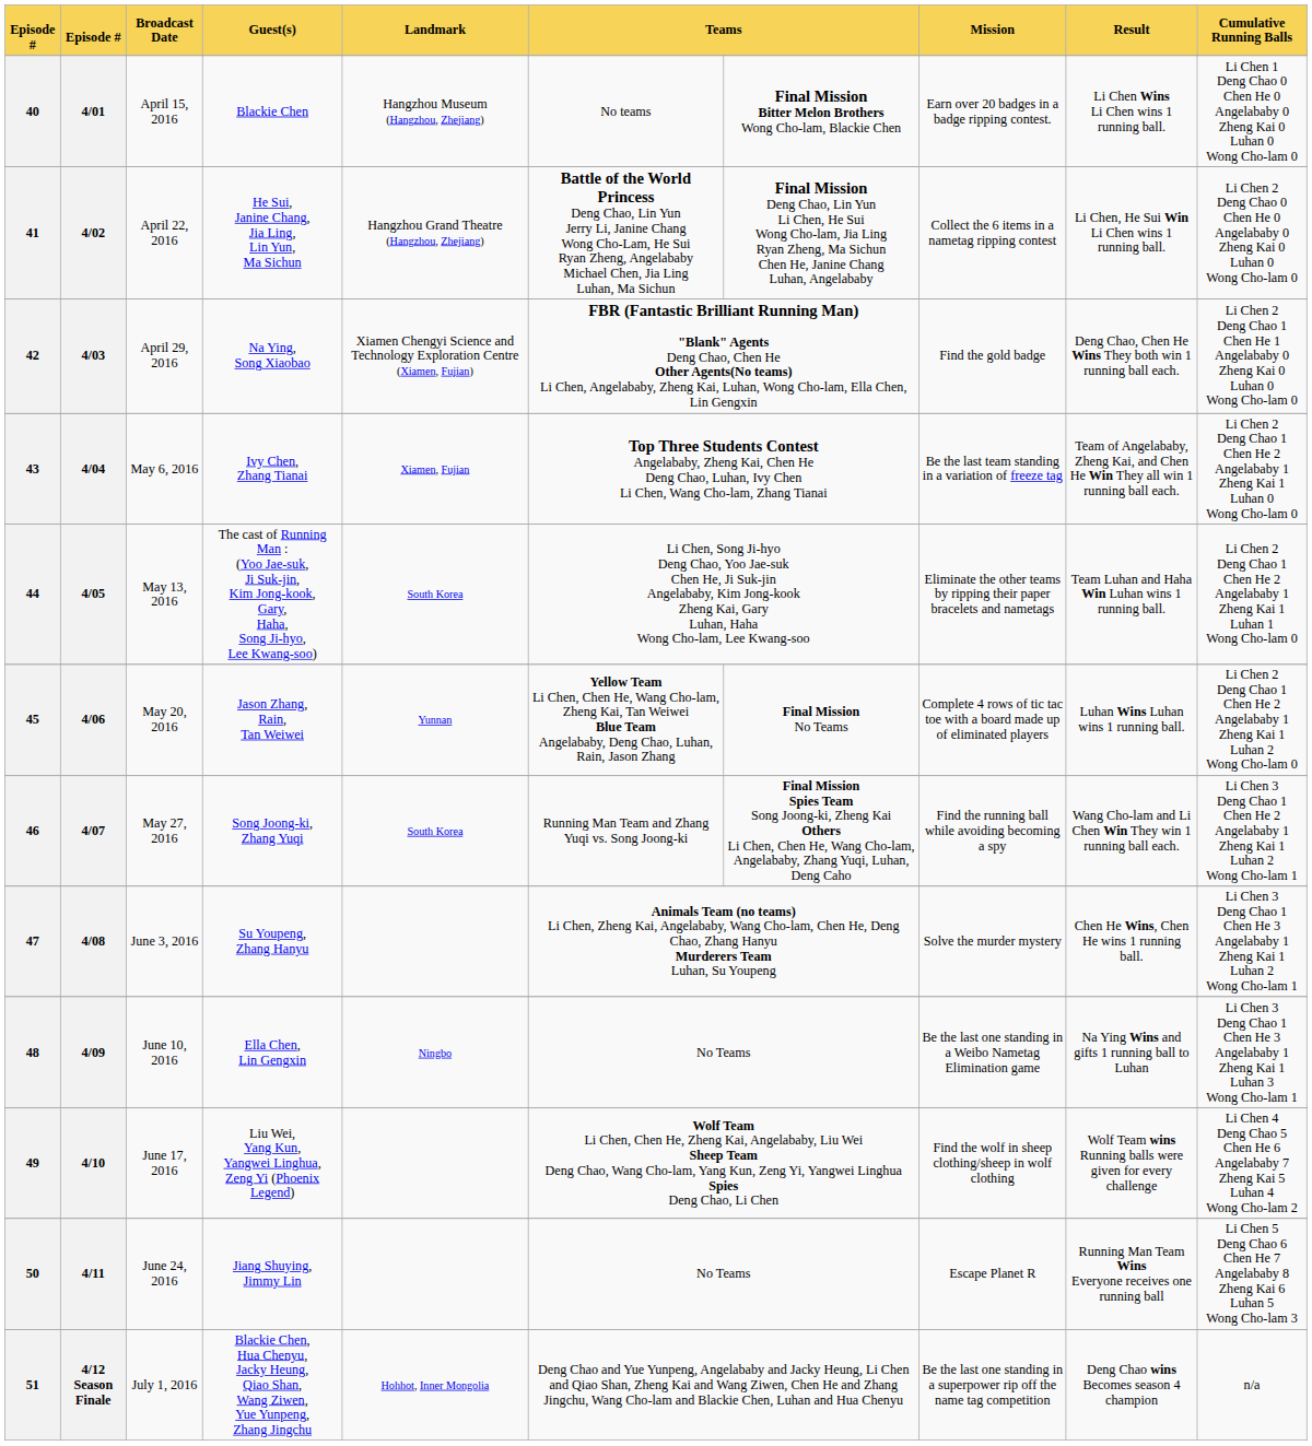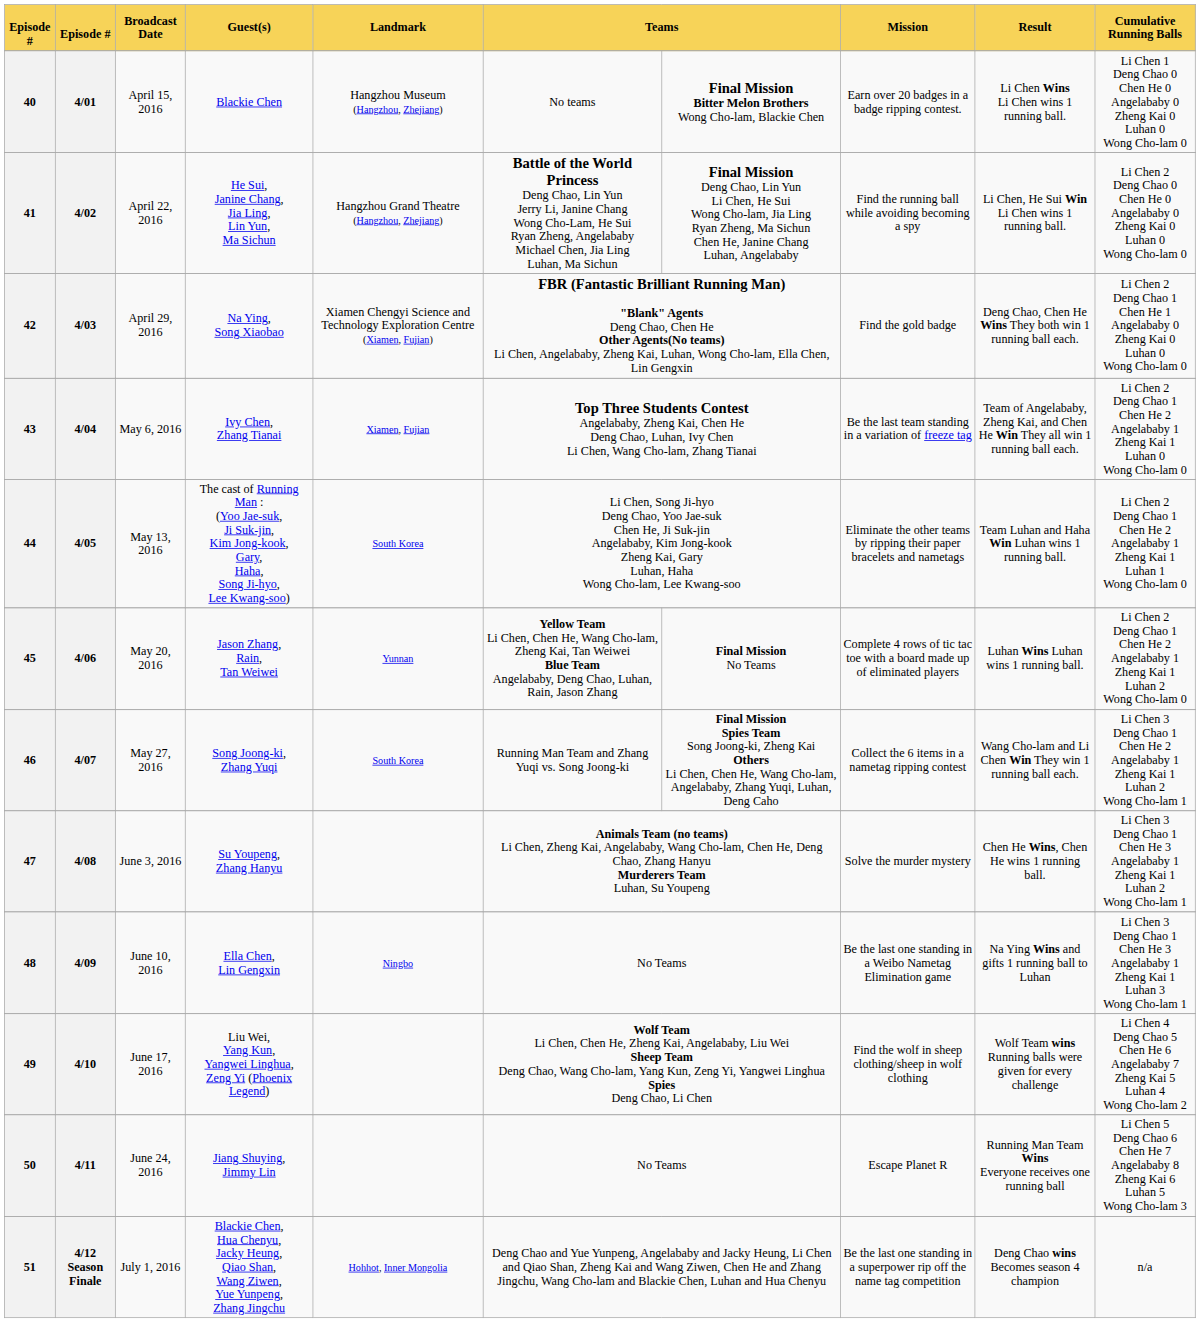 <table class="wikitable">
 <tr>
 <th style="background:#F7D358"><br>Episode #</th>
 <th style="background:#F7D358"><br>Episode #</th>
 <th style="background:#F7D358">Broadcast Date</th>
 <th style="background:#F7D358; width:160px">Guest(s)</th>
 <th style="background:#F7D358">Landmark</th>
 <th style="background:#F7D358" colspan="2">Teams</th>
 <th style="background:#F7D358; width:170px">Mission</th>
 <th style="background:#F7D358; width:150px">Result</th>
 <th style="background:#F7D358">Cumulative Running Balls</th>
 </tr>
 <tr>
 </tr>
 <tr style="text-align:center;">
 <th>40</th>
 <th>4/01</th>
 <td>April 15, 2016<br></td>
 <td><a href='#'>Blackie Chen</a></td>
 <td>Hangzhou Museum<br><small>(<a href='#'>Hangzhou</a>, <a href='#'>Zhejiang</a>)</small></td>
 <td width="15%">No teams</td>
 <td width="15%"><big><strong>Final Mission</strong></big><br><strong>Bitter Melon Brothers</strong><br>Wong Cho-lam, Blackie Chen</td>
 <td>Earn over 20 badges in a badge ripping contest.</td>
 <td>Li Chen <strong>Wins</strong><br>Li Chen wins 1 running ball.</td>
 <td>Li Chen 1<br>Deng Chao 0<br>Chen He 0<br>Angelababy 0<br>Zheng Kai 0<br>Luhan 0<br>Wong Cho-lam 0</td>
 </tr>
 <tr>
 </tr>
 <tr style="text-align:center;">
 <th>41</th>
 <th>4/02</th>
 <td>April 22, 2016<br></td>
 <td><a href='#'>He Sui</a>,<br><a href='#'>Janine Chang</a>,<br> <a href='#'>Jia Ling</a>,<br> <a href='#'>Lin Yun</a>,<br> <a href='#'>Ma Sichun</a></td>
 <td>Hangzhou Grand Theatre<br><small>(<a href='#'>Hangzhou</a>, <a href='#'>Zhejiang</a>)</small></td>
 <td width="15%"><big><strong>Battle of the World Princess</strong></big><br>Deng Chao, Lin Yun<br>Jerry Li, Janine Chang<br>Wong Cho-Lam, He Sui<br>Ryan Zheng, Angelababy<br>Michael Chen, Jia Ling<br>Luhan, Ma Sichun</td>
 <td width="15%"><big><strong>Final Mission</strong></big><br>Deng Chao, Lin Yun<br>Li Chen, He Sui<br>Wong Cho-lam, Jia Ling<br>Ryan Zheng, Ma Sichun<br>Chen He, Janine Chang<br>Luhan, Angelababy</td>
-<td>Collect the 6 items in a nametag ripping contest</td>
+<td>Find the running ball while avoiding becoming a spy</td>
 <td>Li Chen, He Sui <strong>Win</strong> Li Chen wins 1 running ball.</td>
 <td>Li Chen 2<br>Deng Chao 0<br>Chen He 0<br>Angelababy 0<br>Zheng Kai 0<br>Luhan 0<br>Wong Cho-lam 0</td>
 </tr>
 <tr>
 </tr>
 <tr style="text-align:center;">
 <th>42</th>
 <th>4/03</th>
 <td>April 29, 2016<br></td>
 <td><a href='#'>Na Ying</a>,<br> <a href='#'>Song Xiaobao</a></td>
 <td>Xiamen Chengyi Science and Technology Exploration Centre<br><small>(<a href='#'>Xiamen</a>, <a href='#'>Fujian</a>)</small></td>
 <td colspan="2"><big><strong>FBR (Fantastic Brilliant Running Man)</strong></big><br><br><strong>"Blank" Agents</strong><br> Deng Chao, Chen He<br> <strong>Other Agents(No teams)</strong><br> Li Chen, Angelababy, Zheng Kai, Luhan, Wong Cho-lam, Ella Chen, Lin Gengxin</td>
 <td>Find the gold badge</td>
 <td>Deng Chao, Chen He <strong>Wins</strong> They both win 1 running ball each.</td>
 <td>Li Chen 2<br>Deng Chao 1<br>Chen He 1<br>Angelababy 0<br>Zheng Kai 0<br>Luhan 0<br>Wong Cho-lam 0</td>
 </tr>
 <tr>
 </tr>
 <tr style="text-align:center;">
 <th>43</th>
 <th>4/04</th>
 <td>May 6, 2016<br></td>
 <td><a href='#'>Ivy Chen</a>,<br> <a href='#'>Zhang Tianai</a></td>
 <td><small><a href='#'>Xiamen</a>, <a href='#'>Fujian</a></small></td>
 <td colspan="2"><big><strong>Top Three Students Contest</strong></big><br>Angelababy, Zheng Kai, Chen He<br>Deng Chao, Luhan, Ivy Chen<br>Li Chen, Wang Cho-lam, Zhang Tianai</td>
 <td>Be the last team standing in a variation of <a href='#'>freeze tag</a></td>
 <td>Team of Angelababy, Zheng Kai, and Chen He <strong>Win</strong> They all win 1 running ball each.</td>
 <td>Li Chen 2<br>Deng Chao 1<br>Chen He 2<br>Angelababy 1<br>Zheng Kai 1<br>Luhan 0<br>Wong Cho-lam 0</td>
 </tr>
 <tr>
 </tr>
 <tr style="text-align:center;">
 <th>44</th>
 <th>4/05</th>
 <td>May 13, 2016<br></td>
 <td>The cast of <a href='#'>Running Man</a> :<br> (<a href='#'>Yoo Jae-suk</a>,<br><a href='#'>Ji Suk-jin</a>,<br><a href='#'>Kim Jong-kook</a>,<br><a href='#'>Gary</a>,<br><a href='#'>Haha</a>,<br><a href='#'>Song Ji-hyo</a>,<br><a href='#'>Lee Kwang-soo</a>)</td>
 <td><small><a href='#'>South Korea</a></small></td>
 <td colspan="2">Li Chen, Song Ji-hyo<br>Deng Chao, Yoo Jae-suk<br>Chen He, Ji Suk-jin<br>Angelababy, Kim Jong-kook<br>Zheng Kai, Gary<br>Luhan, Haha<br>Wong Cho-lam, Lee Kwang-soo</td>
 <td>Eliminate the other teams by ripping their paper bracelets and nametags</td>
 <td>Team Luhan and Haha <strong>Win</strong> Luhan wins 1 running ball.</td>
 <td>Li Chen 2<br>Deng Chao 1<br>Chen He 2<br>Angelababy 1<br>Zheng Kai 1<br>Luhan 1<br>Wong Cho-lam 0</td>
 </tr>
 <tr>
 </tr>
 <tr style="text-align:center;">
 <th>45</th>
 <th>4/06</th>
 <td>May 20, 2016<br></td>
 <td><a href='#'>Jason Zhang</a>,<br> <a href='#'>Rain</a>,<br> <a href='#'>Tan Weiwei</a></td>
 <td><small><a href='#'>Yunnan</a></small></td>
 <td><strong>Yellow Team</strong><br>Li Chen, Chen He, Wang Cho-lam, Zheng Kai, Tan Weiwei<br><strong>Blue Team</strong><br>Angelababy, Deng Chao, Luhan, Rain, Jason Zhang</td>
 <td><strong>Final Mission</strong><br>No Teams</td>
 <td>Complete 4 rows of tic tac toe with a board made up of eliminated players</td>
 <td>Luhan <strong>Wins</strong> Luhan wins 1 running ball.</td>
 <td>Li Chen 2<br>Deng Chao 1<br>Chen He 2<br>Angelababy 1<br>Zheng Kai 1<br>Luhan 2<br>Wong Cho-lam 0</td>
 </tr>
 <tr>
 </tr>
 <tr style="text-align:center;">
 <th>46</th>
 <th>4/07</th>
 <td>May 27, 2016<br></td>
 <td><a href='#'>Song Joong-ki</a>,<br> <a href='#'>Zhang Yuqi</a></td>
 <td><small><a href='#'>South Korea</a></small></td>
 <td>Running Man Team and Zhang Yuqi vs. Song Joong-ki</td>
 <td><strong>Final Mission</strong><br> <strong>Spies Team</strong><br>Song Joong-ki, Zheng Kai<br><strong>Others</strong><br>Li Chen, Chen He, Wang Cho-lam, Angelababy, Zhang Yuqi, Luhan, Deng Caho</td>
-<td>Find the running ball while avoiding becoming a spy</td>
+<td>Collect the 6 items in a nametag ripping contest</td>
 <td>Wang Cho-lam and Li Chen <strong>Win</strong> They win 1 running ball each.</td>
 <td>Li Chen 3<br>Deng Chao 1<br>Chen He 2<br>Angelababy 1<br>Zheng Kai 1<br>Luhan 2<br>Wong Cho-lam 1</td>
 </tr>
 <tr>
 </tr>
 <tr style="text-align:center;">
 <th>47</th>
 <th>4/08</th>
 <td>June 3, 2016<br></td>
 <td><a href='#'>Su Youpeng</a>,<br> <a href='#'>Zhang Hanyu</a></td>
 <td></td>
 <td colspan="2"><strong>Animals Team (no teams)</strong> <br> Li Chen, Zheng Kai, Angelababy, Wang Cho-lam, Chen He, Deng Chao, Zhang Hanyu<br> <strong>Murderers Team</strong> <br> Luhan, Su Youpeng</td>
 <td>Solve the murder mystery</td>
 <td>Chen He <strong>Wins</strong>, Chen He wins 1 running ball.</td>
 <td>Li Chen 3<br>Deng Chao 1<br>Chen He 3<br>Angelababy 1<br>Zheng Kai 1<br>Luhan 2<br>Wong Cho-lam 1</td>
 </tr>
 <tr>
 </tr>
 <tr style="text-align:center;">
 <th>48</th>
 <th>4/09</th>
 <td>June 10, 2016<br></td>
 <td><a href='#'>Ella Chen</a>,<br> <a href='#'>Lin Gengxin</a></td>
 <td><small><a href='#'>Ningbo</a></small></td>
 <td colspan="2">No Teams</td>
 <td>Be the last one standing in a Weibo Nametag Elimination game</td>
 <td>Na Ying <strong>Wins</strong> and gifts 1 running ball to Luhan</td>
 <td>Li Chen 3<br>Deng Chao 1<br>Chen He 3<br>Angelababy 1<br>Zheng Kai 1<br>Luhan 3<br>Wong Cho-lam 1</td>
 </tr>
 <tr>
 </tr>
 <tr style="text-align:center;">
 <th>49</th>
 <th>4/10</th>
 <td>June 17, 2016<br></td>
 <td>Liu Wei,<br> <a href='#'>Yang Kun</a>,<br> <a href='#'>Yangwei Linghua</a>,<br> <a href='#'>Zeng Yi</a> (<a href='#'>Phoenix Legend</a>)</td>
 <td></td>
 <td colspan="2"><strong>Wolf Team</strong><br>Li Chen, Chen He, Zheng Kai, Angelababy, Liu Wei<br><strong>Sheep Team</strong><br>Deng Chao, Wang Cho-lam, Yang Kun, Zeng Yi, Yangwei Linghua<br><strong>Spies</strong><br>Deng Chao, Li Chen</td>
 <td>Find the wolf in sheep clothing/sheep in wolf clothing</td>
 <td>Wolf Team <strong>wins</strong> Running balls were given for every challenge</td>
 <td>Li Chen 4<br>Deng Chao 5<br>Chen He 6<br>Angelababy 7<br>Zheng Kai 5<br>Luhan 4<br>Wong Cho-lam 2</td>
 </tr>
 <tr>
 </tr>
 <tr style="text-align:center;">
 <th>50</th>
 <th>4/11</th>
 <td>June 24, 2016<br></td>
 <td><a href='#'>Jiang Shuying</a>,<br> <a href='#'>Jimmy Lin</a></td>
 <td></td>
 <td colspan="2">No Teams</td>
 <td>Escape Planet R</td>
 <td>Running Man Team <strong>Wins</strong><br>Everyone receives one running ball</td>
 <td>Li Chen 5<br>Deng Chao 6<br>Chen He 7<br>Angelababy 8<br>Zheng Kai 6<br>Luhan 5<br>Wong Cho-lam 3</td>
 </tr>
 <tr>
 </tr>
 <tr style="text-align:center;">
 <th>51</th>
 <th>4/12<br> Season Finale</th>
 <td>July 1, 2016<br></td>
 <td><a href='#'>Blackie Chen</a>,<br> <a href='#'>Hua Chenyu</a>,<br> <a href='#'>Jacky Heung</a>,<br> <a href='#'>Qiao Shan</a>,<br> <a href='#'>Wang Ziwen</a>,<br> <a href='#'>Yue Yunpeng</a>,<br> <a href='#'>Zhang Jingchu</a></td>
 <td><small><a href='#'>Hohhot</a>, <a href='#'>Inner Mongolia</a></small></td>
 <td colspan="2">Deng Chao and Yue Yunpeng, Angelababy and Jacky Heung, Li Chen and Qiao Shan, Zheng Kai and Wang Ziwen, Chen He and Zhang Jingchu, Wang Cho-lam and Blackie Chen, Luhan and Hua Chenyu</td>
 <td>Be the last one standing in a superpower rip off the name tag competition</td>
 <td>Deng Chao <strong>wins</strong><br>Becomes season 4 champion</td>
 <td>n/a</td>
 </tr>
 </table>
